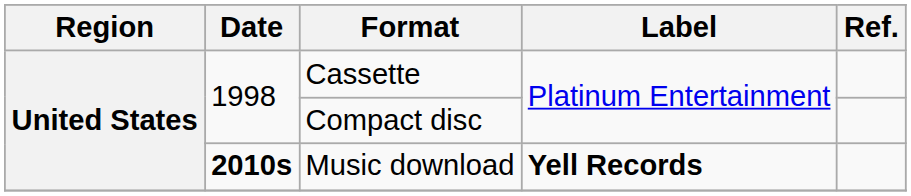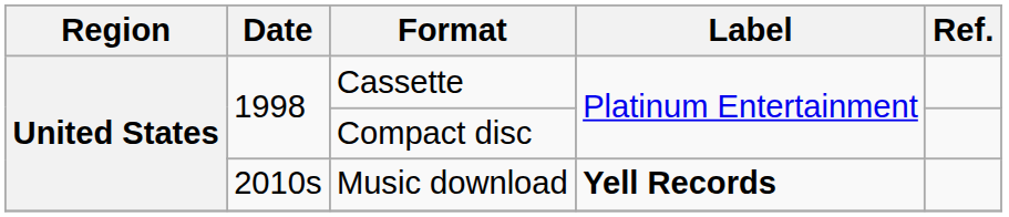 <table class="wikitable plainrowheaders">
 <tr>
 <th scope="col">Region</th>
 <th scope="col">Date</th>
 <th scope="col">Format</th>
 <th scope="col">Label</th>
 <th scope="col">Ref.</th>
 </tr>
 <tr>
 <th scope="row" rowspan="3">United States</th>
 <td rowspan="2">1998</td>
 <td>Cassette</td>
 <td rowspan="2"><a href='#'>Platinum Entertainment</a></td>
 <td></td>
 </tr>
 <tr>
 <td>Compact disc</td>
 <td></td>
 </tr>
 <tr>
-<td><strong>2010s</strong></td>
+<td>2010s</td>
 <td>Music download</td>
 <td><strong>Yell Records</strong></td>
 <td></td>
 </tr>
 <tr>
 </tr>
 </table>
